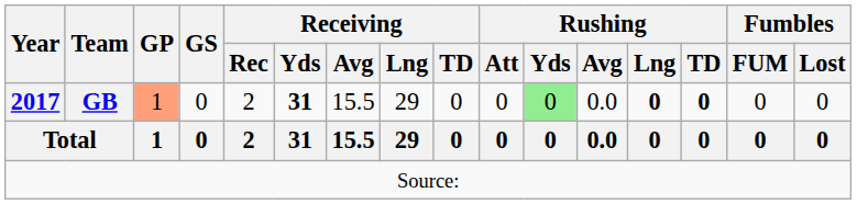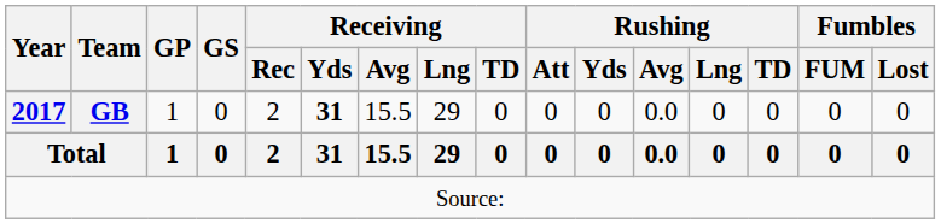 <table class="wikitable" style="text-align: center;">
 <tr>
 <th rowspan="2">Year</th>
 <th rowspan="2">Team</th>
 <th rowspan="2">GP</th>
 <th rowspan="2">GS</th>
 <th colspan="5">Receiving</th>
 <th colspan="5">Rushing</th>
 <th colspan="2">Fumbles</th>
 </tr>
 <tr>
 <th>Rec</th>
 <th>Yds</th>
 <th>Avg</th>
 <th>Lng</th>
 <th>TD</th>
 <th>Att</th>
 <th>Yds</th>
 <th>Avg</th>
 <th>Lng</th>
 <th>TD</th>
 <th>FUM</th>
 <th>Lost</th>
 </tr>
 <tr>
 <th><a href='#'>2017</a></th>
 <th><a href='#'>GB</a></th>
-<td style="background: lightsalmon;">1</td>
+<td>1</td>
 <td>0</td>
 <td>2</td>
 <td><strong>31</strong></td>
 <td>15.5</td>
 <td>29</td>
 <td>0</td>
 <td>0</td>
-<td style="background: lightgreen;">0</td>
+<td>0</td>
 <td>0.0</td>
-<td><strong>0</strong></td>
-<td><strong>0</strong></td>
+<td>0</td>
+<td>0</td>
 <td>0</td>
 <td>0</td>
 </tr>
 <tr>
 <th colspan="2">Total</th>
 <th>1</th>
 <th>0</th>
 <th>2</th>
 <th>31</th>
 <th>15.5</th>
 <th>29</th>
 <th>0</th>
 <th>0</th>
 <th>0</th>
 <th>0.0</th>
 <th>0</th>
 <th>0</th>
 <th>0</th>
 <th>0</th>
 </tr>
 <tr>
 <td colspan="16"><small>Source: </small></td>
 </tr>
 </table>
